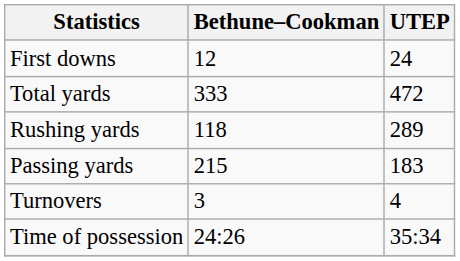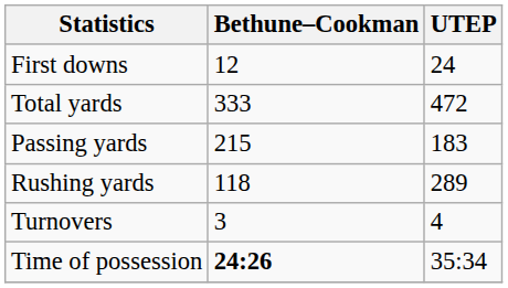 <table class="wikitable">
 <tr>
 <th>Statistics</th>
 <th>Bethune–Cookman</th>
 <th>UTEP</th>
 </tr>
 <tr>
 <td>First downs</td>
 <td>12</td>
 <td>24</td>
 </tr>
 <tr>
 <td>Total yards</td>
 <td>333</td>
 <td>472</td>
 </tr>
 <tr>
+<td>Passing yards</td>
+<td>215</td>
+<td>183</td>
+</tr>
+<tr>
 <td>Rushing yards</td>
 <td>118</td>
 <td>289</td>
-</tr>
-<tr>
-<td>Passing yards</td>
-<td>215</td>
-<td>183</td>
 </tr>
 <tr>
 <td>Turnovers</td>
 <td>3</td>
 <td>4</td>
 </tr>
 <tr>
 <td>Time of possession</td>
-<td>24:26</td>
+<td><strong>24:26</strong></td>
 <td>35:34</td>
 </tr>
 <tr>
 </tr>
 </table>
